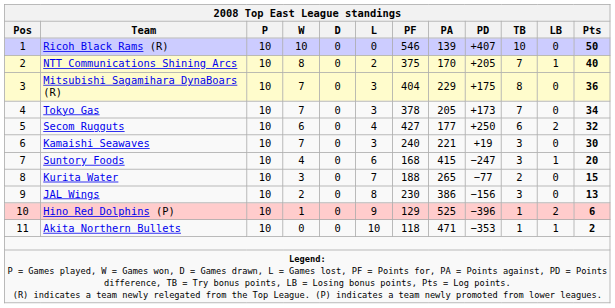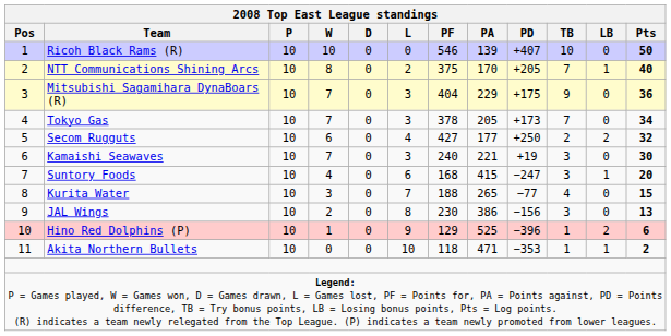 <table class="wikitable" style="text-align:center; font-size:100%; width:60%;">
 <tr>
 <th colspan="100%" cellpadding="0" cellspacing="0"><strong>2008 Top East League standings</strong></th>
 </tr>
 <tr>
 <th style="width:6%;">Pos</th>
 <th style="width:34%;">Team</th>
 <th style="width:6%;">P</th>
 <th style="width:6%;">W</th>
 <th style="width:6%;">D</th>
 <th style="width:6%;">L</th>
 <th style="width:6%;">PF</th>
 <th style="width:6%;">PA</th>
 <th style="width:6%;">PD</th>
 <th style="width:6%;">TB</th>
 <th style="width:6%;">LB</th>
 <th style="width:6%;">Pts<br></th>
 </tr>
 <tr style="background:#CCCCFF;">
 <td>1</td>
 <td style="text-align:left;"><a href='#'>Ricoh Black Rams</a> (R)</td>
 <td>10</td>
 <td>10</td>
 <td>0</td>
 <td>0</td>
 <td>546</td>
 <td>139</td>
 <td>+407</td>
 <td>10</td>
 <td>0</td>
 <td><strong>50</strong></td>
 </tr>
 <tr style="background:#FFFCCC;">
 <td>2</td>
 <td style="text-align:left;"><a href='#'>NTT Communications Shining Arcs</a></td>
 <td>10</td>
 <td>8</td>
 <td>0</td>
 <td>2</td>
 <td>375</td>
 <td>170</td>
 <td>+205</td>
 <td>7</td>
 <td>1</td>
 <td><strong>40</strong></td>
 </tr>
 <tr style="background:#FFFCCC;">
 <td>3</td>
 <td style="text-align:left;"><a href='#'>Mitsubishi Sagamihara DynaBoars</a> (R)</td>
 <td>10</td>
 <td>7</td>
 <td>0</td>
 <td>3</td>
 <td>404</td>
 <td>229</td>
 <td>+175</td>
-<td>8</td>
+<td>9</td>
 <td>0</td>
 <td><strong>36</strong></td>
 </tr>
 <tr>
 <td>4</td>
 <td style="text-align:left;"><a href='#'>Tokyo Gas</a></td>
 <td>10</td>
 <td>7</td>
 <td>0</td>
 <td>3</td>
 <td>378</td>
 <td>205</td>
 <td>+173</td>
 <td>7</td>
 <td>0</td>
 <td><strong>34</strong></td>
 </tr>
 <tr>
 <td>5</td>
 <td style="text-align:left;"><a href='#'>Secom Rugguts</a></td>
 <td>10</td>
 <td>6</td>
 <td>0</td>
 <td>4</td>
 <td>427</td>
 <td>177</td>
 <td>+250</td>
-<td>6</td>
+<td>2</td>
 <td>2</td>
 <td><strong>32</strong></td>
 </tr>
 <tr>
 <td>6</td>
 <td style="text-align:left;"><a href='#'>Kamaishi Seawaves</a></td>
 <td>10</td>
 <td>7</td>
 <td>0</td>
 <td>3</td>
 <td>240</td>
 <td>221</td>
 <td>+19</td>
 <td>3</td>
 <td>0</td>
 <td><strong>30</strong></td>
 </tr>
 <tr>
 <td>7</td>
 <td style="text-align:left;"><a href='#'>Suntory Foods</a></td>
 <td>10</td>
 <td>4</td>
 <td>0</td>
 <td>6</td>
 <td>168</td>
 <td>415</td>
 <td>−247</td>
 <td>3</td>
 <td>1</td>
 <td><strong>20</strong></td>
 </tr>
 <tr>
 <td>8</td>
 <td style="text-align:left;"><a href='#'>Kurita Water</a></td>
 <td>10</td>
 <td>3</td>
 <td>0</td>
 <td>7</td>
 <td>188</td>
 <td>265</td>
 <td>−77</td>
-<td>2</td>
+<td>4</td>
 <td>0</td>
 <td><strong>15</strong></td>
 </tr>
 <tr>
 <td>9</td>
 <td style="text-align:left;"><a href='#'>JAL Wings</a></td>
 <td>10</td>
 <td>2</td>
 <td>0</td>
 <td>8</td>
 <td>230</td>
 <td>386</td>
 <td>−156</td>
 <td>3</td>
 <td>0</td>
 <td><strong>13</strong></td>
 </tr>
 <tr style="background:#FFCCCC;">
 <td>10</td>
 <td style="text-align:left;"><a href='#'>Hino Red Dolphins</a> (P)</td>
 <td>10</td>
 <td>1</td>
 <td>0</td>
 <td>9</td>
 <td>129</td>
 <td>525</td>
 <td>−396</td>
 <td>1</td>
 <td>2</td>
 <td><strong>6</strong></td>
 </tr>
 <tr>
 <td>11</td>
 <td style="text-align:left;"><a href='#'>Akita Northern Bullets</a></td>
 <td>10</td>
 <td>0</td>
 <td>0</td>
 <td>10</td>
 <td>118</td>
 <td>471</td>
 <td>−353</td>
 <td>1</td>
 <td>1</td>
 <td><strong>2</strong></td>
 </tr>
 <tr>
 <td colspan="100%" style="height:10px;"></td>
 </tr>
 <tr>
 <td colspan="100%"><small><strong>Legend:</strong> <br> P = Games played, W = Games won, D = Games drawn, L = Games lost, PF = Points for, PA = Points against, PD = Points difference, TB = Try bonus points, LB = Losing bonus points, Pts = Log points. <br> (R) indicates a team newly relegated from the Top League. (P) indicates a team newly promoted from lower leagues.</small></td>
 </tr>
 </table>
